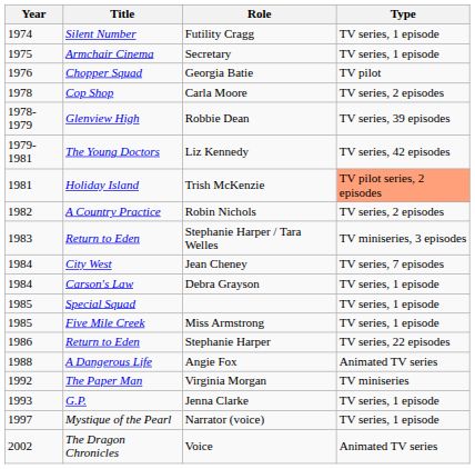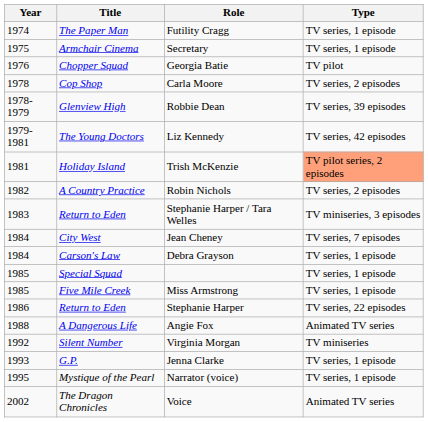 <table class="wikitable">
 <tr>
 <th>Year</th>
 <th>Title</th>
 <th>Role</th>
 <th>Type</th>
 </tr>
 <tr>
 <td>1974</td>
-<td><em><a href='#'>Silent Number</a></em></td>
+<td><em><a href='#'>The Paper Man</a></em></td>
 <td>Futility Cragg</td>
 <td>TV series, 1 episode</td>
 </tr>
 <tr>
 <td>1975</td>
 <td><em><a href='#'>Armchair Cinema</a></em></td>
 <td>Secretary</td>
 <td>TV series, 1 episode</td>
 </tr>
 <tr>
 <td>1976</td>
 <td><em><a href='#'>Chopper Squad</a></em></td>
 <td>Georgia Batie</td>
 <td>TV pilot</td>
 </tr>
 <tr>
 <td>1978</td>
 <td><em><a href='#'>Cop Shop</a></em></td>
 <td>Carla Moore</td>
 <td>TV series, 2 episodes</td>
 </tr>
 <tr>
 <td>1978-1979</td>
 <td><em><a href='#'>Glenview High</a></em></td>
 <td>Robbie Dean</td>
 <td>TV series, 39 episodes</td>
 </tr>
 <tr>
 <td>1979-1981</td>
 <td><em><a href='#'>The Young Doctors</a></em></td>
 <td>Liz Kennedy</td>
 <td>TV series, 42 episodes</td>
 </tr>
 <tr>
 <td>1981</td>
 <td><em><a href='#'>Holiday Island</a></em></td>
 <td>Trish McKenzie</td>
 <td style="background: lightsalmon;">TV pilot series, 2 episodes</td>
 </tr>
 <tr>
 <td>1982</td>
 <td><em><a href='#'>A Country Practice</a></em></td>
 <td>Robin Nichols</td>
 <td>TV series, 2 episodes</td>
 </tr>
 <tr>
 <td>1983</td>
 <td><em><a href='#'>Return to Eden</a></em></td>
 <td>Stephanie Harper / Tara Welles</td>
 <td>TV miniseries, 3 episodes</td>
 </tr>
 <tr>
 <td>1984</td>
 <td><em><a href='#'>City West</a></em></td>
 <td>Jean Cheney</td>
 <td>TV series, 7 episodes</td>
 </tr>
 <tr>
 <td>1984</td>
 <td><em><a href='#'>Carson's Law</a></em></td>
 <td>Debra Grayson</td>
 <td>TV series, 1 episode</td>
 </tr>
 <tr>
 <td>1985</td>
 <td><em><a href='#'>Special Squad</a></em></td>
 <td></td>
 <td>TV series, 1 episode</td>
 </tr>
 <tr>
 <td>1985</td>
 <td><em><a href='#'>Five Mile Creek</a></em></td>
 <td>Miss Armstrong</td>
 <td>TV series, 1 episode</td>
 </tr>
 <tr>
 <td>1986</td>
 <td><em><a href='#'>Return to Eden</a></em></td>
 <td>Stephanie Harper</td>
 <td>TV series, 22 episodes</td>
 </tr>
 <tr>
 <td>1988</td>
 <td><em><a href='#'>A Dangerous Life</a></em></td>
 <td>Angie Fox</td>
 <td>Animated TV series</td>
 </tr>
 <tr>
 <td>1992</td>
-<td><em><a href='#'>The Paper Man</a></em></td>
+<td><em><a href='#'>Silent Number</a></em></td>
 <td>Virginia Morgan</td>
 <td>TV miniseries</td>
 </tr>
 <tr>
 <td>1993</td>
 <td><em><a href='#'>G.P.</a></em></td>
 <td>Jenna Clarke</td>
 <td>TV series, 1 episode</td>
 </tr>
 <tr>
-<td>1997</td>
+<td>1995</td>
 <td><em>Mystique of the Pearl</em></td>
 <td>Narrator (voice)</td>
 <td>TV series, 1 episode</td>
 </tr>
 <tr>
 <td>2002</td>
 <td><em>The Dragon Chronicles</em></td>
 <td>Voice</td>
 <td>Animated TV series</td>
 </tr>
 </table>
